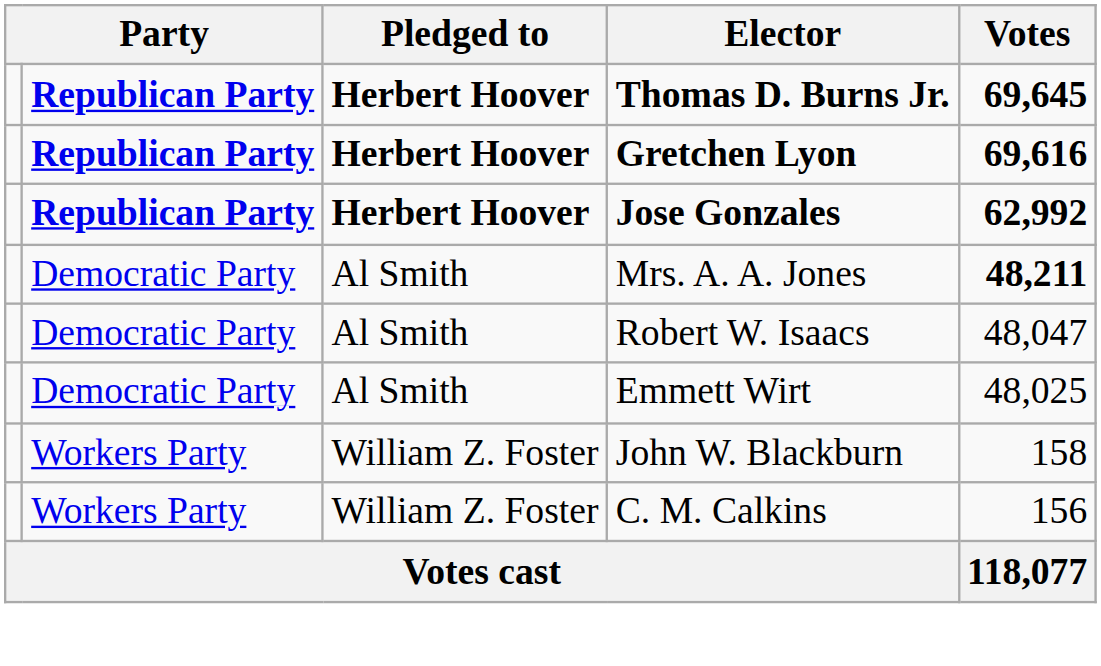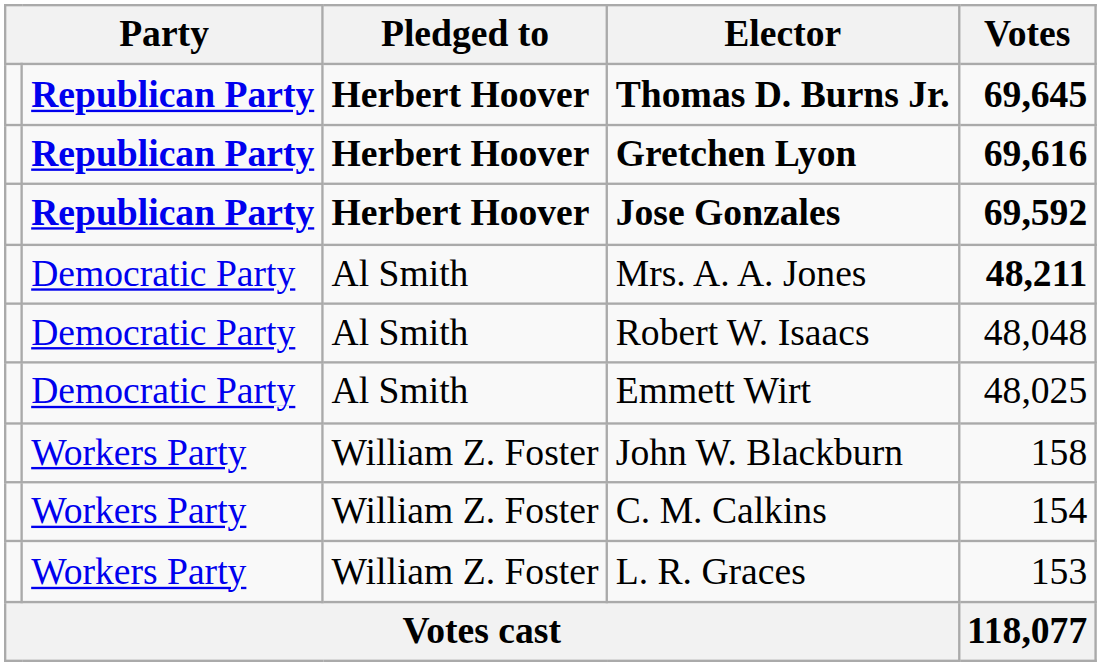 <table class="wikitable">
 <tr>
 <th colspan=2>Party</th>
 <th>Pledged to</th>
 <th>Elector</th>
 <th>Votes</th>
 </tr>
 <tr style="font-weight:bold">
 <td></td>
 <td><a href='#'>Republican Party</a></td>
 <td>Herbert Hoover</td>
 <td>Thomas D. Burns Jr.</td>
 <td align=right>69,645</td>
 </tr>
 <tr style="font-weight:bold">
 <td></td>
 <td><a href='#'>Republican Party</a></td>
 <td>Herbert Hoover</td>
 <td>Gretchen Lyon</td>
 <td align=right>69,616</td>
 </tr>
 <tr style="font-weight:bold">
 <td></td>
 <td><a href='#'>Republican Party</a></td>
 <td>Herbert Hoover</td>
 <td>Jose Gonzales</td>
-<td align=right>62,992</td>
+<td align=right>69,592</td>
 </tr>
 <tr>
 <td bgcolor=></td>
 <td><a href='#'>Democratic Party</a></td>
 <td>Al Smith</td>
 <td>Mrs. A. A. Jones</td>
 <td align="right"><strong>48,211</strong></td>
 </tr>
 <tr>
 <td bgcolor=></td>
 <td><a href='#'>Democratic Party</a></td>
 <td>Al Smith</td>
 <td>Robert W. Isaacs</td>
-<td align="right">48,047</td>
+<td align="right">48,048</td>
 </tr>
 <tr>
 <td bgcolor=></td>
 <td><a href='#'>Democratic Party</a></td>
 <td>Al Smith</td>
 <td>Emmett Wirt</td>
 <td align="right">48,025</td>
 </tr>
 <tr>
 <td bgcolor=></td>
 <td><a href='#'>Workers Party</a></td>
 <td>William Z. Foster</td>
 <td>John W. Blackburn</td>
 <td align="right">158</td>
 </tr>
 <tr>
 <td bgcolor=></td>
 <td><a href='#'>Workers Party</a></td>
 <td>William Z. Foster</td>
 <td>C. M. Calkins</td>
-<td align="right">156</td>
+<td align="right">154</td>
+</tr>
+<tr>
+<td bgcolor=></td>
+<td><a href='#'>Workers Party</a></td>
+<td>William Z. Foster</td>
+<td>L. R. Graces</td>
+<td align="right">153</td>
 </tr>
 <tr>
 <th colspan="4">Votes cast</th>
 <th>118,077</th>
 </tr>
 </table>
